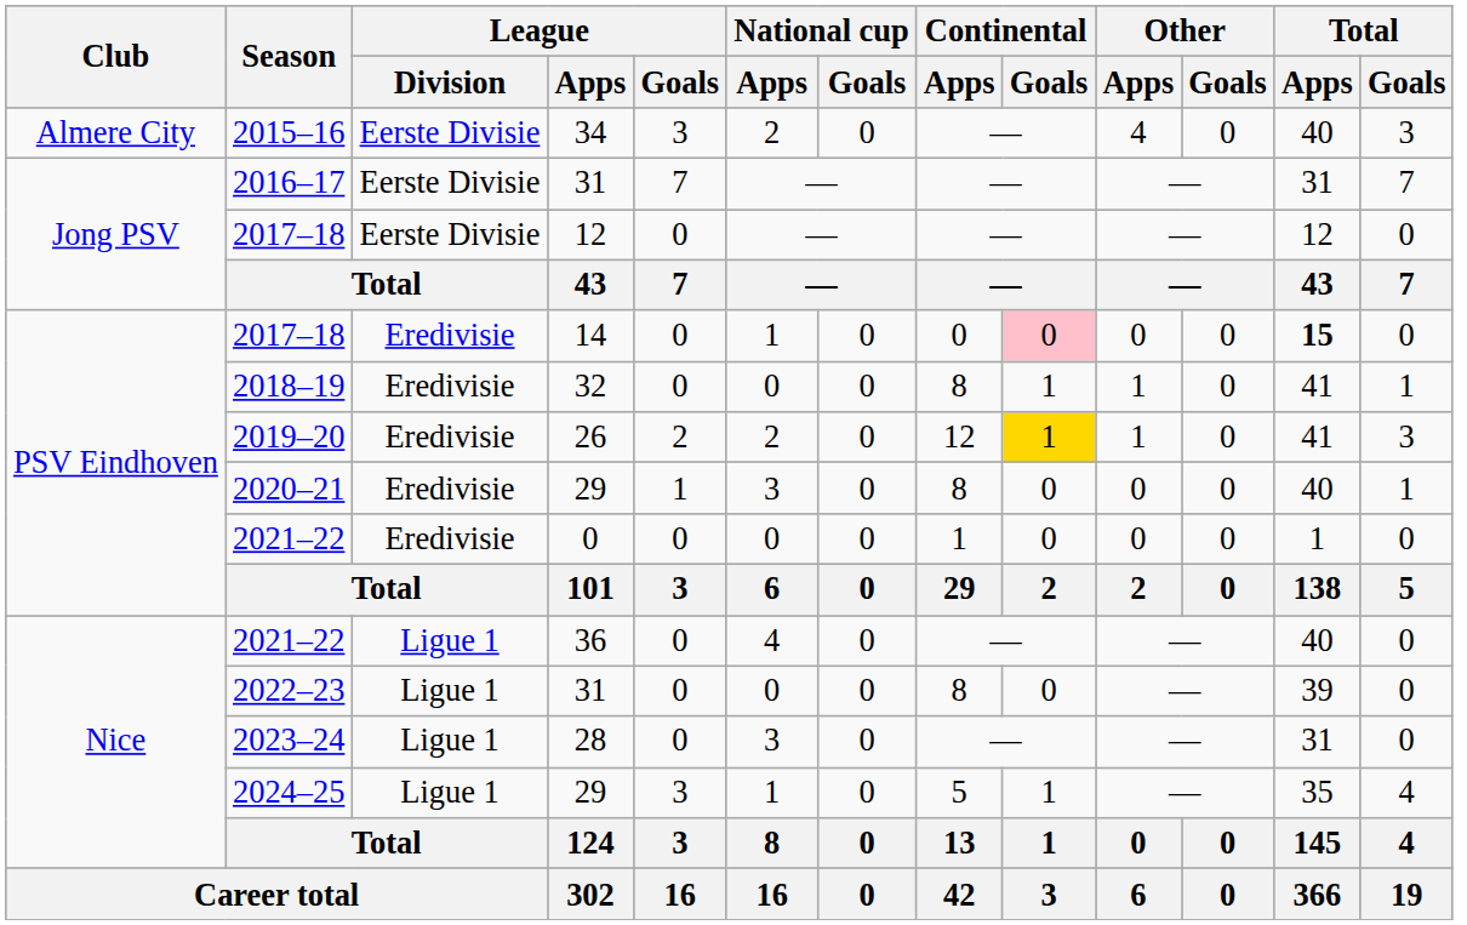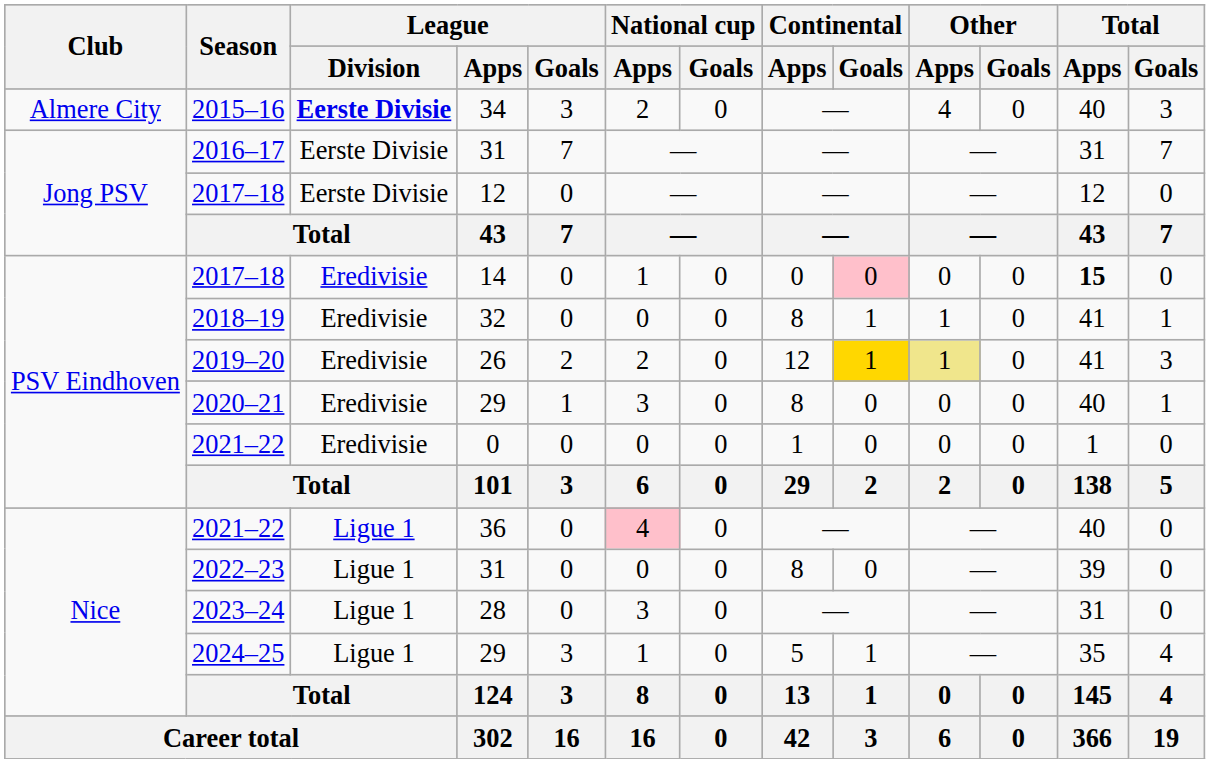 <table class="wikitable" style="text-align:center">
 <tr>
 <th rowspan="2">Club</th>
 <th rowspan="2">Season</th>
 <th colspan="3">League</th>
 <th colspan="2">National cup</th>
 <th colspan="2">Continental</th>
 <th colspan="2">Other</th>
 <th colspan="2">Total</th>
 </tr>
 <tr>
 <th>Division</th>
 <th>Apps</th>
 <th>Goals</th>
 <th>Apps</th>
 <th>Goals</th>
 <th>Apps</th>
 <th>Goals</th>
 <th>Apps</th>
 <th>Goals</th>
 <th>Apps</th>
 <th>Goals</th>
 </tr>
 <tr>
 <td><a href='#'>Almere City</a></td>
 <td><a href='#'>2015–16</a></td>
-<td><a href='#'>Eerste Divisie</a></td>
+<td><strong><a href='#'>Eerste Divisie</a></strong></td>
 <td>34</td>
 <td>3</td>
 <td>2</td>
 <td>0</td>
 <td colspan="2">—</td>
 <td>4</td>
 <td>0</td>
 <td>40</td>
 <td>3</td>
 </tr>
 <tr>
 <td rowspan="3"><a href='#'>Jong PSV</a></td>
 <td><a href='#'>2016–17</a></td>
 <td>Eerste Divisie</td>
 <td>31</td>
 <td>7</td>
 <td colspan="2">—</td>
 <td colspan="2">—</td>
 <td colspan="2">—</td>
 <td>31</td>
 <td>7</td>
 </tr>
 <tr>
 <td><a href='#'>2017–18</a></td>
 <td>Eerste Divisie</td>
 <td>12</td>
 <td>0</td>
 <td colspan="2">—</td>
 <td colspan="2">—</td>
 <td colspan="2">—</td>
 <td>12</td>
 <td>0</td>
 </tr>
 <tr>
 <th colspan="2">Total</th>
 <th>43</th>
 <th>7</th>
 <th colspan="2">—</th>
 <th colspan="2">—</th>
 <th colspan="2">—</th>
 <th>43</th>
 <th>7</th>
 </tr>
 <tr>
 <td rowspan="6"><a href='#'>PSV Eindhoven</a></td>
 <td><a href='#'>2017–18</a></td>
 <td><a href='#'>Eredivisie</a></td>
 <td>14</td>
 <td>0</td>
 <td>1</td>
 <td>0</td>
 <td>0</td>
 <td style="background: pink;">0</td>
 <td>0</td>
 <td>0</td>
 <td><strong>15</strong></td>
 <td>0</td>
 </tr>
 <tr>
 <td><a href='#'>2018–19</a></td>
 <td>Eredivisie</td>
 <td>32</td>
 <td>0</td>
 <td>0</td>
 <td>0</td>
 <td>8</td>
 <td>1</td>
 <td>1</td>
 <td>0</td>
 <td>41</td>
 <td>1</td>
 </tr>
 <tr>
 <td><a href='#'>2019–20</a></td>
 <td>Eredivisie</td>
 <td>26</td>
 <td>2</td>
 <td>2</td>
 <td>0</td>
 <td>12</td>
 <td style="background: gold;">1</td>
-<td>1</td>
+<td style="background: khaki;">1</td>
 <td>0</td>
 <td>41</td>
 <td>3</td>
 </tr>
 <tr>
 <td><a href='#'>2020–21</a></td>
 <td>Eredivisie</td>
 <td>29</td>
 <td>1</td>
 <td>3</td>
 <td>0</td>
 <td>8</td>
 <td>0</td>
 <td>0</td>
 <td>0</td>
 <td>40</td>
 <td>1</td>
 </tr>
 <tr>
 <td><a href='#'>2021–22</a></td>
 <td>Eredivisie</td>
 <td>0</td>
 <td>0</td>
 <td>0</td>
 <td>0</td>
 <td>1</td>
 <td>0</td>
 <td>0</td>
 <td>0</td>
 <td>1</td>
 <td>0</td>
 </tr>
 <tr>
 <th colspan="2">Total</th>
 <th>101</th>
 <th>3</th>
 <th>6</th>
 <th>0</th>
 <th>29</th>
 <th>2</th>
 <th>2</th>
 <th>0</th>
 <th>138</th>
 <th>5</th>
 </tr>
 <tr>
 <td rowspan="5"><a href='#'>Nice</a></td>
 <td><a href='#'>2021–22</a></td>
 <td><a href='#'>Ligue 1</a></td>
 <td>36</td>
 <td>0</td>
-<td>4</td>
+<td style="background: pink;">4</td>
 <td>0</td>
 <td colspan="2">—</td>
 <td colspan="2">—</td>
 <td>40</td>
 <td>0</td>
 </tr>
 <tr>
 <td><a href='#'>2022–23</a></td>
 <td>Ligue 1</td>
 <td>31</td>
 <td>0</td>
 <td>0</td>
 <td>0</td>
 <td>8</td>
 <td>0</td>
 <td colspan="2">—</td>
 <td>39</td>
 <td>0</td>
 </tr>
 <tr>
 <td><a href='#'>2023–24</a></td>
 <td>Ligue 1</td>
 <td>28</td>
 <td>0</td>
 <td>3</td>
 <td>0</td>
 <td colspan="2">—</td>
 <td colspan="2">—</td>
 <td>31</td>
 <td>0</td>
 </tr>
 <tr>
 <td><a href='#'>2024–25</a></td>
 <td>Ligue 1</td>
 <td>29</td>
 <td>3</td>
 <td>1</td>
 <td>0</td>
 <td>5</td>
 <td>1</td>
 <td colspan="2">—</td>
 <td>35</td>
 <td>4</td>
 </tr>
 <tr>
 <th colspan="2">Total</th>
 <th>124</th>
 <th>3</th>
 <th>8</th>
 <th>0</th>
 <th>13</th>
 <th>1</th>
 <th>0</th>
 <th>0</th>
 <th>145</th>
 <th>4</th>
 </tr>
 <tr>
 <th colspan="3">Career total</th>
 <th>302</th>
 <th>16</th>
 <th>16</th>
 <th>0</th>
 <th>42</th>
 <th>3</th>
 <th>6</th>
 <th>0</th>
 <th>366</th>
 <th>19</th>
 </tr>
 </table>
